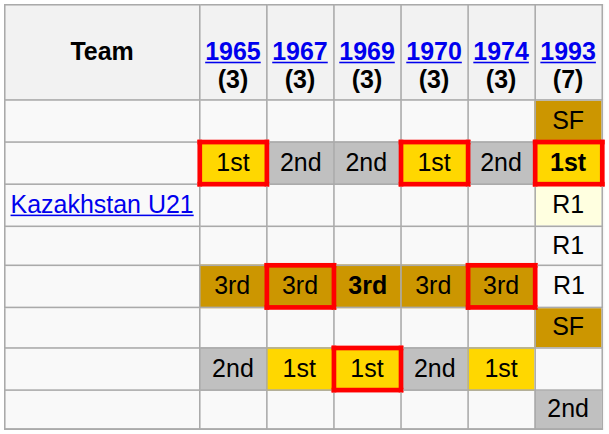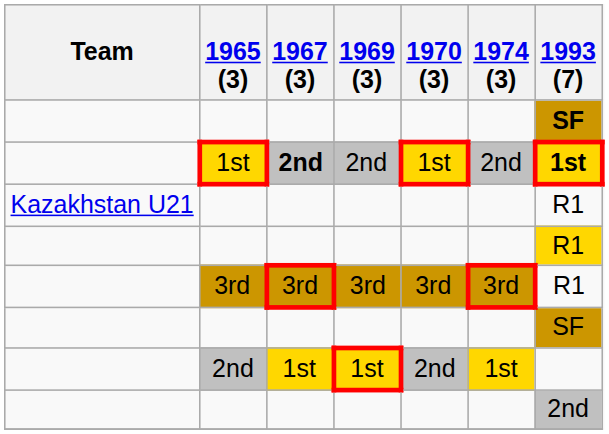 <table class="wikitable" style="text-align: center">
 <tr>
 <th>Team</th>
 <th> <br> <a href='#'>1965</a><br> (3)</th>
 <th> <br> <a href='#'>1967</a><br> (3)</th>
 <th> <br> <a href='#'>1969</a><br> (3)</th>
 <th> <br> <a href='#'>1970</a><br> (3)</th>
 <th> <br> <a href='#'>1974</a><br> (3)</th>
 <th> <br> <a href='#'>1993</a><br> (7)</th>
 </tr>
 <tr>
 <td id="AZE" align=left></td>
 <td></td>
 <td></td>
 <td></td>
 <td></td>
 <td></td>
-<td bgcolor=#cc9966;>SF<br></td>
+<td bgcolor=#cc9966;><strong>SF<br></strong></td>
 </tr>
 <tr>
 <td id="IRN" align=left></td>
 <td bgcolor=gold style="border:3px solid red">1st</td>
-<td bgcolor=silver>2nd</td>
+<td bgcolor=silver><strong>2nd</strong></td>
 <td bgcolor=silver>2nd</td>
 <td bgcolor=gold style="border:3px solid red">1st</td>
 <td bgcolor=silver>2nd</td>
 <td bgcolor=gold style="border:3px solid red"><strong>1st</strong></td>
 </tr>
 <tr>
 <td id="KAZ" align=left> <a href='#'>Kazakhstan U21</a></td>
 <td></td>
 <td></td>
 <td></td>
 <td></td>
 <td></td>
-<td style="background: lightyellow;">R1</td>
+<td>R1</td>
 </tr>
 <tr>
 <td id="KRG" align=left></td>
 <td></td>
 <td></td>
 <td></td>
 <td></td>
 <td></td>
-<td>R1</td>
+<td style="background: gold;">R1</td>
 </tr>
 <tr>
 <td id="PAK" align=left></td>
 <td bgcolor=#cc9966;>3rd</td>
 <td bgcolor=#cc9966; style="border:3px solid red">3rd</td>
-<td bgcolor=#cc9966;><strong>3rd</strong></td>
+<td bgcolor=#cc9966;>3rd</td>
 <td bgcolor=#cc9966;>3rd</td>
 <td bgcolor=#cc9966; style="border:3px solid red">3rd</td>
 <td>R1</td>
 </tr>
 <tr>
 <td id="TAJ" align=left></td>
 <td></td>
 <td></td>
 <td></td>
 <td></td>
 <td></td>
 <td bgcolor=#cc9966;>SF<br></td>
 </tr>
 <tr>
 <td id="TUR" align=left></td>
 <td bgcolor=silver>2nd</td>
 <td bgcolor=gold>1st</td>
 <td bgcolor=gold style="border:3px solid red">1st</td>
 <td bgcolor=silver>2nd</td>
 <td bgcolor=gold>1st</td>
 <td></td>
 </tr>
 <tr>
 <td id="TKM" align=left></td>
 <td></td>
 <td></td>
 <td></td>
 <td></td>
 <td></td>
 <td bgcolor=silver>2nd</td>
 </tr>
 <tr>
 </tr>
 </table>
